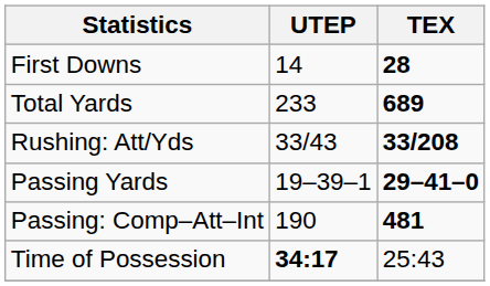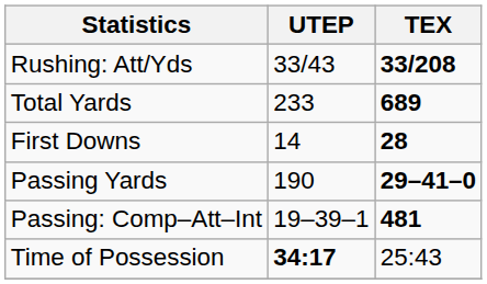 <table class="wikitable" style="float: left;">
 <tr>
 <th>Statistics</th>
 <th>UTEP</th>
 <th>TEX</th>
 </tr>
 <tr>
-<td>First Downs</td>
-<td>14</td>
-<td><strong>28</strong></td>
+<td>Rushing: Att/Yds</td>
+<td>33/43</td>
+<td><strong>33/208</strong></td>
 </tr>
 <tr>
 <td>Total Yards</td>
 <td>233</td>
 <td><strong>689</strong></td>
 </tr>
 <tr>
-<td>Rushing: Att/Yds</td>
-<td>33/43</td>
-<td><strong>33/208</strong></td>
+<td>First Downs</td>
+<td>14</td>
+<td><strong>28</strong></td>
 </tr>
 <tr>
 <td>Passing Yards</td>
-<td>19–39–1</td>
+<td>190</td>
 <td><strong>29–41–0</strong></td>
 </tr>
 <tr>
 <td>Passing: Comp–Att–Int</td>
-<td>190</td>
+<td>19–39–1</td>
 <td><strong>481</strong></td>
 </tr>
 <tr>
 <td>Time of Possession</td>
 <td><strong>34:17</strong></td>
 <td>25:43</td>
 </tr>
 <tr>
 </tr>
 </table>
